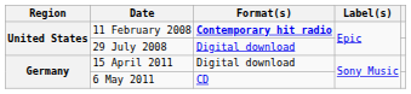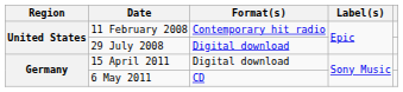 <table class="wikitable plainrowheaders">
 <tr>
 <th scope="col">Region</th>
 <th scope="col">Date</th>
 <th scope="col">Format(s)</th>
 <th scope="col">Label(s)</th>
 <th scope="col"></th>
 </tr>
 <tr>
 <th scope="row" rowspan="2">United States</th>
 <td>11 February 2008</td>
-<td><strong><a href='#'>Contemporary hit radio</a></strong></td>
+<td><a href='#'>Contemporary hit radio</a></td>
 <td rowspan="2"><a href='#'>Epic</a></td>
 <td></td>
 </tr>
 <tr>
 <td>29 July 2008</td>
 <td><a href='#'>Digital download</a> </td>
 <td></td>
 </tr>
 <tr>
 <th scope="row" rowspan="2">Germany</th>
 <td>15 April 2011</td>
 <td>Digital download</td>
 <td rowspan="2"><a href='#'>Sony Music</a></td>
 <td></td>
 </tr>
 <tr>
 <td>6 May 2011</td>
 <td><a href='#'>CD</a></td>
 <td></td>
 </tr>
 </table>
